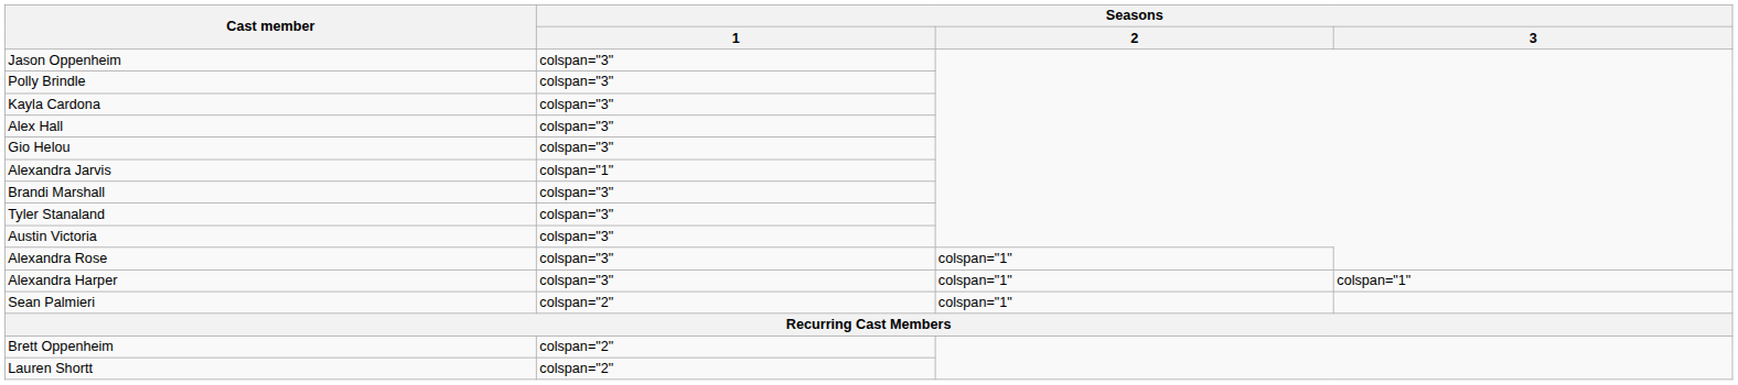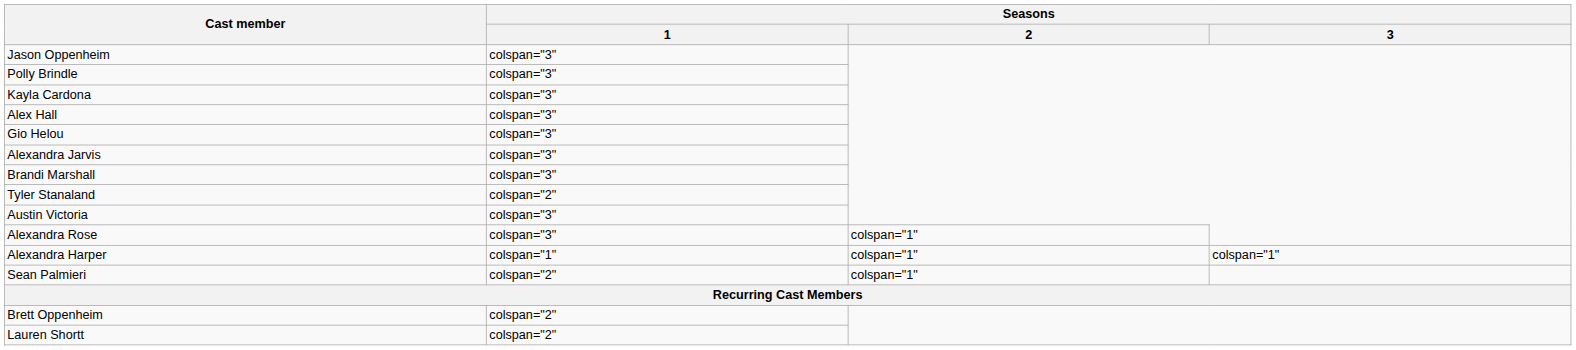 <table class="wikitable plainrowheaders" style="width:100%;">
 <tr>
 <th rowspan="2" style="width:10%;">Cast member</th>
 <th colspan="3">Seasons</th>
 </tr>
 <tr>
 <th style="width:7.5%;">1</th>
 <th style="width:7.5%;">2</th>
 <th style="width:7.5%;">3</th>
 </tr>
 <tr>
 <td>Jason Oppenheim</td>
 <td>colspan="3" </td>
 </tr>
 <tr>
 <td>Polly Brindle</td>
 <td>colspan="3" </td>
 </tr>
 <tr>
 <td>Kayla Cardona</td>
 <td>colspan="3" </td>
 </tr>
 <tr>
 <td>Alex Hall</td>
 <td>colspan="3" </td>
 </tr>
 <tr>
 <td>Gio Helou</td>
 <td>colspan="3" </td>
 </tr>
 <tr>
 <td nowrap>Alexandra Jarvis</td>
-<td>colspan="1" </td>
+<td>colspan="3" </td>
 </tr>
 <tr>
 <td>Brandi Marshall</td>
 <td>colspan="3" </td>
 </tr>
 <tr>
 <td>Tyler Stanaland</td>
-<td>colspan="3" </td>
+<td>colspan="2" </td>
 </tr>
 <tr>
 <td>Austin Victoria</td>
 <td>colspan="3" </td>
 </tr>
 <tr>
 <td>Alexandra Rose</td>
 <td>colspan="3" </td>
 <td>colspan="1" </td>
 </tr>
 <tr>
 <td>Alexandra Harper</td>
-<td>colspan="3" </td>
+<td>colspan="1" </td>
 <td>colspan="1" </td>
 <td>colspan="1" </td>
 </tr>
 <tr>
 <td>Sean Palmieri</td>
 <td>colspan="2" </td>
 <td>colspan="1" </td>
 </tr>
 <tr>
 <th colspan="4">Recurring Cast Members</th>
 </tr>
 <tr>
 <td>Brett Oppenheim</td>
 <td>colspan="2" </td>
 </tr>
 <tr>
 <td>Lauren Shortt</td>
 <td>colspan="2" </td>
 </tr>
 </table>
